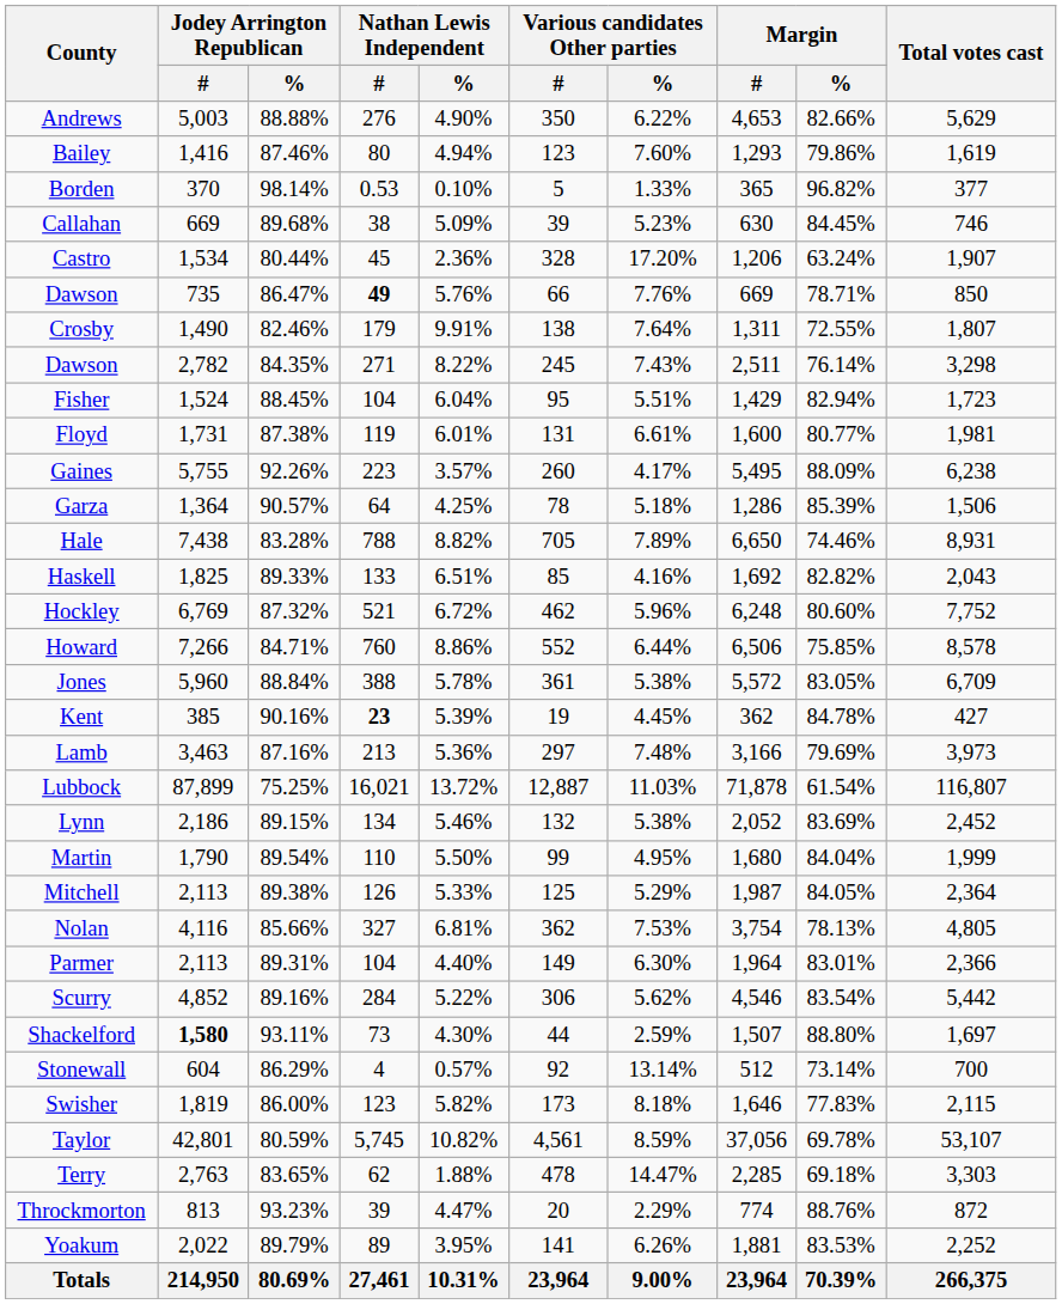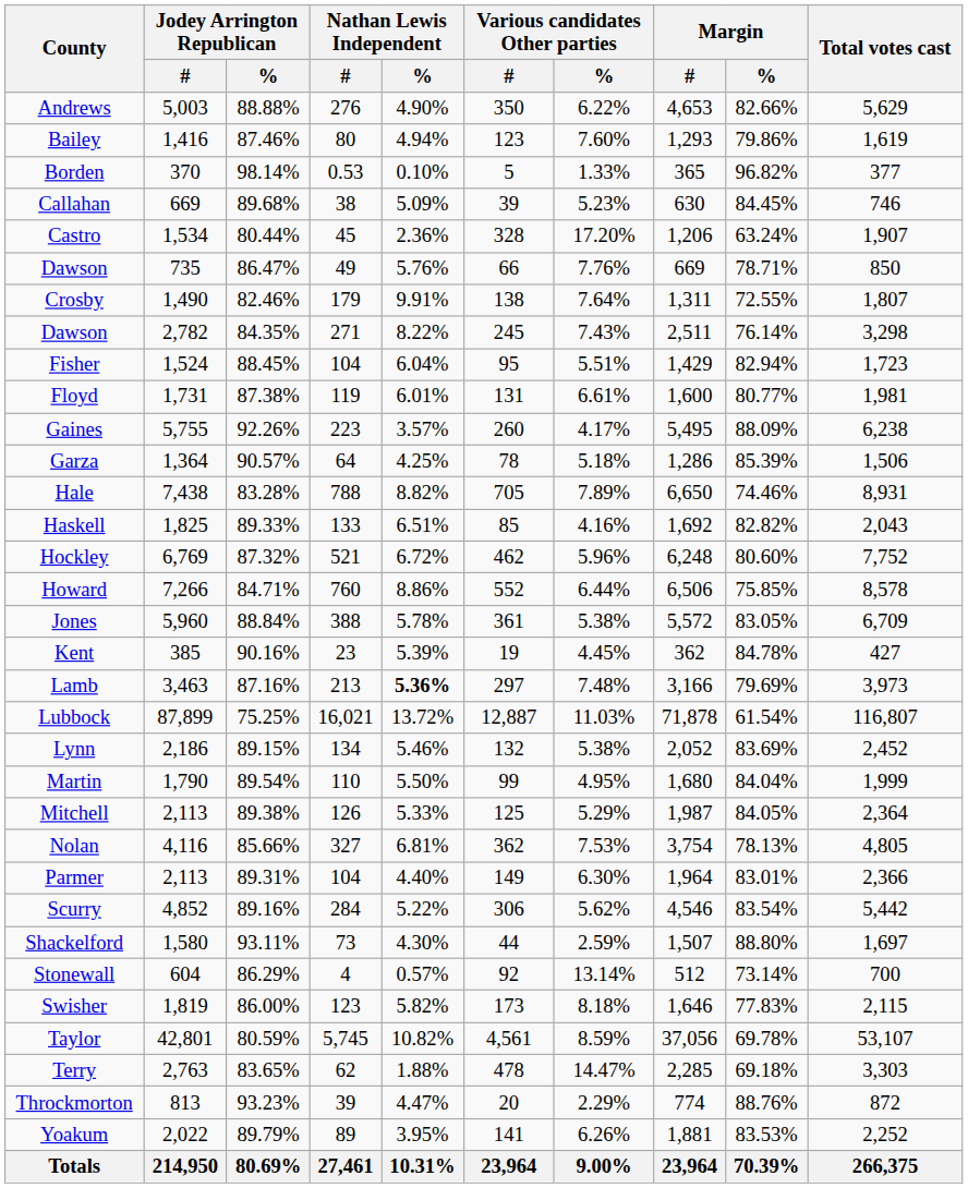 <table width="60%"  class="wikitable sortable" style="text-align:center">
 <tr>
 <th rowspan="2">County</th>
 <th style="text-align:center;" colspan="2">Jodey Arrington<br>Republican</th>
 <th style="text-align:center;" colspan="2">Nathan Lewis<br>Independent</th>
 <th style="text-align:center;" colspan="2">Various candidates<br>Other parties</th>
 <th style="text-align:center;" colspan="2">Margin</th>
 <th rowspan="2" style="text-align:center;">Total votes cast</th>
 </tr>
 <tr>
 <th style="text-align:center;" data-sort-type="number">#</th>
 <th style="text-align:center;" data-sort-type="number">%</th>
 <th style="text-align:center;" data-sort-type="number">#</th>
 <th style="text-align:center;" data-sort-type="number">%</th>
 <th style="text-align:center;" data-sort-type="number">#</th>
 <th style="text-align:center;" data-sort-type="number">%</th>
 <th style="text-align:center;" data-sort-type="number">#</th>
 <th style="text-align:center;" data-sort-type="number">%</th>
 </tr>
 <tr style="text-align:center;">
 <td style="background-color:"><a href='#'>Andrews</a></td>
 <td style="background-color:">5,003</td>
 <td style="background-color:">88.88%</td>
 <td style="background-color:">276</td>
 <td style="background-color:">4.90%</td>
 <td style="background:">350</td>
 <td style="background:">6.22%</td>
 <td style="background-color:">4,653</td>
 <td style="background-color:">82.66%</td>
 <td style="background-color:">5,629</td>
 </tr>
 <tr style="text-align:center;">
 <td style="background-color:"><a href='#'>Bailey</a></td>
 <td style="background-color:">1,416</td>
 <td style="background-color:">87.46%</td>
 <td style="background-color:">80</td>
 <td style="background-color:">4.94%</td>
 <td style="background:">123</td>
 <td style="background:">7.60%</td>
 <td style="background-color:">1,293</td>
 <td style="background-color:">79.86%</td>
 <td style="background-color:">1,619</td>
 </tr>
 <tr style="text-align:center;">
 <td style="background-color:"><a href='#'>Borden</a></td>
 <td style="background-color:">370</td>
 <td style="background-color:">98.14%</td>
 <td style="background-color:">0.53</td>
 <td style="background-color:">0.10%</td>
 <td style="background:">5</td>
 <td style="background:">1.33%</td>
 <td style="background-color:">365</td>
 <td style="background-color:">96.82%</td>
 <td style="background-color:">377</td>
 </tr>
 <tr style="text-align:center;">
 <td style="background-color:"><a href='#'>Callahan</a></td>
 <td style="background-color:">669</td>
 <td style="background-color:">89.68%</td>
 <td style="background-color:">38</td>
 <td style="background-color:">5.09%</td>
 <td style="background:">39</td>
 <td style="background:">5.23%</td>
 <td style="background-color:">630</td>
 <td style="background-color:">84.45%</td>
 <td style="background-color:">746</td>
 </tr>
 <tr style="text-align:center;">
 <td style="background-color:"><a href='#'>Castro</a></td>
 <td style="background-color:">1,534</td>
 <td style="background-color:">80.44%</td>
 <td style="background-color:">45</td>
 <td style="background-color:">2.36%</td>
 <td style="background:">328</td>
 <td style="background:">17.20%</td>
 <td style="background-color:">1,206</td>
 <td style="background-color:">63.24%</td>
 <td style="background-color:">1,907</td>
 </tr>
 <tr style="text-align:center;">
 <td style="background-color:"><a href='#'>Dawson</a></td>
 <td style="background-color:">735</td>
 <td style="background-color:">86.47%</td>
-<td style="background-color:"><strong>49</strong></td>
+<td style="background-color:">49</td>
 <td style="background-color:">5.76%</td>
 <td style="background:">66</td>
 <td style="background:">7.76%</td>
 <td style="background-color:">669</td>
 <td style="background-color:">78.71%</td>
 <td style="background-color:">850</td>
 </tr>
 <tr style="text-align:center;">
 <td style="background-color:"><a href='#'>Crosby</a></td>
 <td style="background-color:">1,490</td>
 <td style="background-color:">82.46%</td>
 <td style="background-color:">179</td>
 <td style="background-color:">9.91%</td>
 <td style="background:">138</td>
 <td style="background:">7.64%</td>
 <td style="background-color:">1,311</td>
 <td style="background-color:">72.55%</td>
 <td style="background-color:">1,807</td>
 </tr>
 <tr style="text-align:center;">
 <td style="background-color:"><a href='#'>Dawson</a></td>
 <td style="background-color:">2,782</td>
 <td style="background-color:">84.35%</td>
 <td style="background-color:">271</td>
 <td style="background-color:">8.22%</td>
 <td style="background:">245</td>
 <td style="background:">7.43%</td>
 <td style="background-color:">2,511</td>
 <td style="background-color:">76.14%</td>
 <td style="background-color:">3,298</td>
 </tr>
 <tr style="text-align:center;">
 <td style="background-color:"><a href='#'>Fisher</a></td>
 <td style="background-color:">1,524</td>
 <td style="background-color:">88.45%</td>
 <td style="background-color:">104</td>
 <td style="background-color:">6.04%</td>
 <td style="background:">95</td>
 <td style="background:">5.51%</td>
 <td style="background-color:">1,429</td>
 <td style="background-color:">82.94%</td>
 <td style="background-color:">1,723</td>
 </tr>
 <tr style="text-align:center;">
 <td style="background-color:"><a href='#'>Floyd</a></td>
 <td style="background-color:">1,731</td>
 <td style="background-color:">87.38%</td>
 <td style="background-color:">119</td>
 <td style="background-color:">6.01%</td>
 <td style="background:">131</td>
 <td style="background:">6.61%</td>
 <td style="background-color:">1,600</td>
 <td style="background-color:">80.77%</td>
 <td style="background-color:">1,981</td>
 </tr>
 <tr style="text-align:center;">
 <td style="background-color:"><a href='#'>Gaines</a></td>
 <td style="background-color:">5,755</td>
 <td style="background-color:">92.26%</td>
 <td style="background-color:">223</td>
 <td style="background-color:">3.57%</td>
 <td style="background:">260</td>
 <td style="background:">4.17%</td>
 <td style="background-color:">5,495</td>
 <td style="background-color:">88.09%</td>
 <td style="background-color:">6,238</td>
 </tr>
 <tr style="text-align:center;">
 <td style="background-color:"><a href='#'>Garza</a></td>
 <td style="background-color:">1,364</td>
 <td style="background-color:">90.57%</td>
 <td style="background-color:">64</td>
 <td style="background-color:">4.25%</td>
 <td style="background:">78</td>
 <td style="background:">5.18%</td>
 <td style="background-color:">1,286</td>
 <td style="background-color:">85.39%</td>
 <td style="background-color:">1,506</td>
 </tr>
 <tr style="text-align:center;">
 <td style="background-color:"><a href='#'>Hale</a></td>
 <td style="background-color:">7,438</td>
 <td style="background-color:">83.28%</td>
 <td style="background-color:">788</td>
 <td style="background-color:">8.82%</td>
 <td style="background:">705</td>
 <td style="background:">7.89%</td>
 <td style="background-color:">6,650</td>
 <td style="background-color:">74.46%</td>
 <td style="background-color:">8,931</td>
 </tr>
 <tr style="text-align:center;">
 <td style="background-color:"><a href='#'>Haskell</a></td>
 <td style="background-color:">1,825</td>
 <td style="background-color:">89.33%</td>
 <td style="background-color:">133</td>
 <td style="background-color:">6.51%</td>
 <td style="background:">85</td>
 <td style="background:">4.16%</td>
 <td style="background-color:">1,692</td>
 <td style="background-color:">82.82%</td>
 <td style="background-color:">2,043</td>
 </tr>
 <tr style="text-align:center;">
 <td style="background-color:"><a href='#'>Hockley</a></td>
 <td style="background-color:">6,769</td>
 <td style="background-color:">87.32%</td>
 <td style="background-color:">521</td>
 <td style="background-color:">6.72%</td>
 <td style="background:">462</td>
 <td style="background:">5.96%</td>
 <td style="background-color:">6,248</td>
 <td style="background-color:">80.60%</td>
 <td style="background-color:">7,752</td>
 </tr>
 <tr style="text-align:center;">
 <td style="background-color:"><a href='#'>Howard</a></td>
 <td style="background-color:">7,266</td>
 <td style="background-color:">84.71%</td>
 <td style="background-color:">760</td>
 <td style="background-color:">8.86%</td>
 <td style="background:">552</td>
 <td style="background:">6.44%</td>
 <td style="background-color:">6,506</td>
 <td style="background-color:">75.85%</td>
 <td style="background-color:">8,578</td>
 </tr>
 <tr style="text-align:center;">
 <td style="background-color:"><a href='#'>Jones</a></td>
 <td style="background-color:">5,960</td>
 <td style="background-color:">88.84%</td>
 <td style="background-color:">388</td>
 <td style="background-color:">5.78%</td>
 <td style="background:">361</td>
 <td style="background:">5.38%</td>
 <td style="background-color:">5,572</td>
 <td style="background-color:">83.05%</td>
 <td style="background-color:">6,709</td>
 </tr>
 <tr style="text-align:center;">
 <td style="background-color:"><a href='#'>Kent</a></td>
 <td style="background-color:">385</td>
 <td style="background-color:">90.16%</td>
-<td style="background-color:"><strong>23</strong></td>
+<td style="background-color:">23</td>
 <td style="background-color:">5.39%</td>
 <td style="background:">19</td>
 <td style="background:">4.45%</td>
 <td style="background-color:">362</td>
 <td style="background-color:">84.78%</td>
 <td style="background-color:">427</td>
 </tr>
 <tr style="text-align:center;">
 <td style="background-color:"><a href='#'>Lamb</a></td>
 <td style="background-color:">3,463</td>
 <td style="background-color:">87.16%</td>
 <td style="background-color:">213</td>
-<td style="background-color:">5.36%</td>
+<td style="background-color:"><strong>5.36%</strong></td>
 <td style="background:">297</td>
 <td style="background:">7.48%</td>
 <td style="background-color:">3,166</td>
 <td style="background-color:">79.69%</td>
 <td style="background-color:">3,973</td>
 </tr>
 <tr style="text-align:center;">
 <td style="background-color:"><a href='#'>Lubbock</a></td>
 <td style="background-color:">87,899</td>
 <td style="background-color:">75.25%</td>
 <td style="background-color:">16,021</td>
 <td style="background-color:">13.72%</td>
 <td style="background:">12,887</td>
 <td style="background:">11.03%</td>
 <td style="background-color:">71,878</td>
 <td style="background-color:">61.54%</td>
 <td style="background-color:">116,807</td>
 </tr>
 <tr style="text-align:center;">
 <td style="background-color:"><a href='#'>Lynn</a></td>
 <td style="background-color:">2,186</td>
 <td style="background-color:">89.15%</td>
 <td style="background-color:">134</td>
 <td style="background-color:">5.46%</td>
 <td style="background:">132</td>
 <td style="background:">5.38%</td>
 <td style="background-color:">2,052</td>
 <td style="background-color:">83.69%</td>
 <td style="background-color:">2,452</td>
 </tr>
 <tr style="text-align:center;">
 <td style="background-color:"><a href='#'>Martin</a></td>
 <td style="background-color:">1,790</td>
 <td style="background-color:">89.54%</td>
 <td style="background-color:">110</td>
 <td style="background-color:">5.50%</td>
 <td style="background:">99</td>
 <td style="background:">4.95%</td>
 <td style="background-color:">1,680</td>
 <td style="background-color:">84.04%</td>
 <td style="background-color:">1,999</td>
 </tr>
 <tr style="text-align:center;">
 <td style="background-color:"><a href='#'>Mitchell</a></td>
 <td style="background-color:">2,113</td>
 <td style="background-color:">89.38%</td>
 <td style="background-color:">126</td>
 <td style="background-color:">5.33%</td>
 <td style="background:">125</td>
 <td style="background:">5.29%</td>
 <td style="background-color:">1,987</td>
 <td style="background-color:">84.05%</td>
 <td style="background-color:">2,364</td>
 </tr>
 <tr style="text-align:center;">
 <td style="background-color:"><a href='#'>Nolan</a></td>
 <td style="background-color:">4,116</td>
 <td style="background-color:">85.66%</td>
 <td style="background-color:">327</td>
 <td style="background-color:">6.81%</td>
 <td style="background:">362</td>
 <td style="background:">7.53%</td>
 <td style="background-color:">3,754</td>
 <td style="background-color:">78.13%</td>
 <td style="background-color:">4,805</td>
 </tr>
 <tr style="text-align:center;">
 <td style="background-color:"><a href='#'>Parmer</a></td>
 <td style="background-color:">2,113</td>
 <td style="background-color:">89.31%</td>
 <td style="background-color:">104</td>
 <td style="background-color:">4.40%</td>
 <td style="background:">149</td>
 <td style="background:">6.30%</td>
 <td style="background-color:">1,964</td>
 <td style="background-color:">83.01%</td>
 <td style="background-color:">2,366</td>
 </tr>
 <tr style="text-align:center;">
 <td style="background-color:"><a href='#'>Scurry</a></td>
 <td style="background-color:">4,852</td>
 <td style="background-color:">89.16%</td>
 <td style="background-color:">284</td>
 <td style="background-color:">5.22%</td>
 <td style="background:">306</td>
 <td style="background:">5.62%</td>
 <td style="background-color:">4,546</td>
 <td style="background-color:">83.54%</td>
 <td style="background-color:">5,442</td>
 </tr>
 <tr style="text-align:center;">
 <td style="background-color:"><a href='#'>Shackelford</a></td>
-<td style="background-color:"><strong>1,580</strong></td>
+<td style="background-color:">1,580</td>
 <td style="background-color:">93.11%</td>
 <td style="background-color:">73</td>
 <td style="background-color:">4.30%</td>
 <td style="background:">44</td>
 <td style="background:">2.59%</td>
 <td style="background-color:">1,507</td>
 <td style="background-color:">88.80%</td>
 <td style="background-color:">1,697</td>
 </tr>
 <tr style="text-align:center;">
 <td style="background-color:"><a href='#'>Stonewall</a></td>
 <td style="background-color:">604</td>
 <td style="background-color:">86.29%</td>
 <td style="background-color:">4</td>
 <td style="background-color:">0.57%</td>
 <td style="background:">92</td>
 <td style="background:">13.14%</td>
 <td style="background-color:">512</td>
 <td style="background-color:">73.14%</td>
 <td style="background-color:">700</td>
 </tr>
 <tr style="text-align:center;">
 <td style="background-color:"><a href='#'>Swisher</a></td>
 <td style="background-color:">1,819</td>
 <td style="background-color:">86.00%</td>
 <td style="background-color:">123</td>
 <td style="background-color:">5.82%</td>
 <td style="background:">173</td>
 <td style="background:">8.18%</td>
 <td style="background-color:">1,646</td>
 <td style="background-color:">77.83%</td>
 <td style="background-color:">2,115</td>
 </tr>
 <tr style="text-align:center;">
 <td style="background-color:"><a href='#'>Taylor</a></td>
 <td style="background-color:">42,801</td>
 <td style="background-color:">80.59%</td>
 <td style="background-color:">5,745</td>
 <td style="background-color:">10.82%</td>
 <td style="background:">4,561</td>
 <td style="background:">8.59%</td>
 <td style="background-color:">37,056</td>
 <td style="background-color:">69.78%</td>
 <td style="background-color:">53,107</td>
 </tr>
 <tr style="text-align:center;">
 <td style="background-color:"><a href='#'>Terry</a></td>
 <td style="background-color:">2,763</td>
 <td style="background-color:">83.65%</td>
 <td style="background-color:">62</td>
 <td style="background-color:">1.88%</td>
 <td style="background:">478</td>
 <td style="background:">14.47%</td>
 <td style="background-color:">2,285</td>
 <td style="background-color:">69.18%</td>
 <td style="background-color:">3,303</td>
 </tr>
 <tr style="text-align:center;">
 <td style="background-color:"><a href='#'>Throckmorton</a></td>
 <td style="background-color:">813</td>
 <td style="background-color:">93.23%</td>
 <td style="background-color:">39</td>
 <td style="background-color:">4.47%</td>
 <td style="background:">20</td>
 <td style="background:">2.29%</td>
 <td style="background-color:">774</td>
 <td style="background-color:">88.76%</td>
 <td style="background-color:">872</td>
 </tr>
 <tr style="text-align:center;">
 <td style="background-color:"><a href='#'>Yoakum</a></td>
 <td style="background-color:">2,022</td>
 <td style="background-color:">89.79%</td>
 <td style="background-color:">89</td>
 <td style="background-color:">3.95%</td>
 <td style="background:">141</td>
 <td style="background:">6.26%</td>
 <td style="background-color:">1,881</td>
 <td style="background-color:">83.53%</td>
 <td style="background-color:">2,252</td>
 </tr>
 <tr style="text-align:center;">
 <th>Totals</th>
 <th>214,950</th>
 <th>80.69%</th>
 <th>27,461</th>
 <th>10.31%</th>
 <th>23,964</th>
 <th>9.00%</th>
 <th>23,964</th>
 <th>70.39%</th>
 <th>266,375</th>
 </tr>
 </table>
